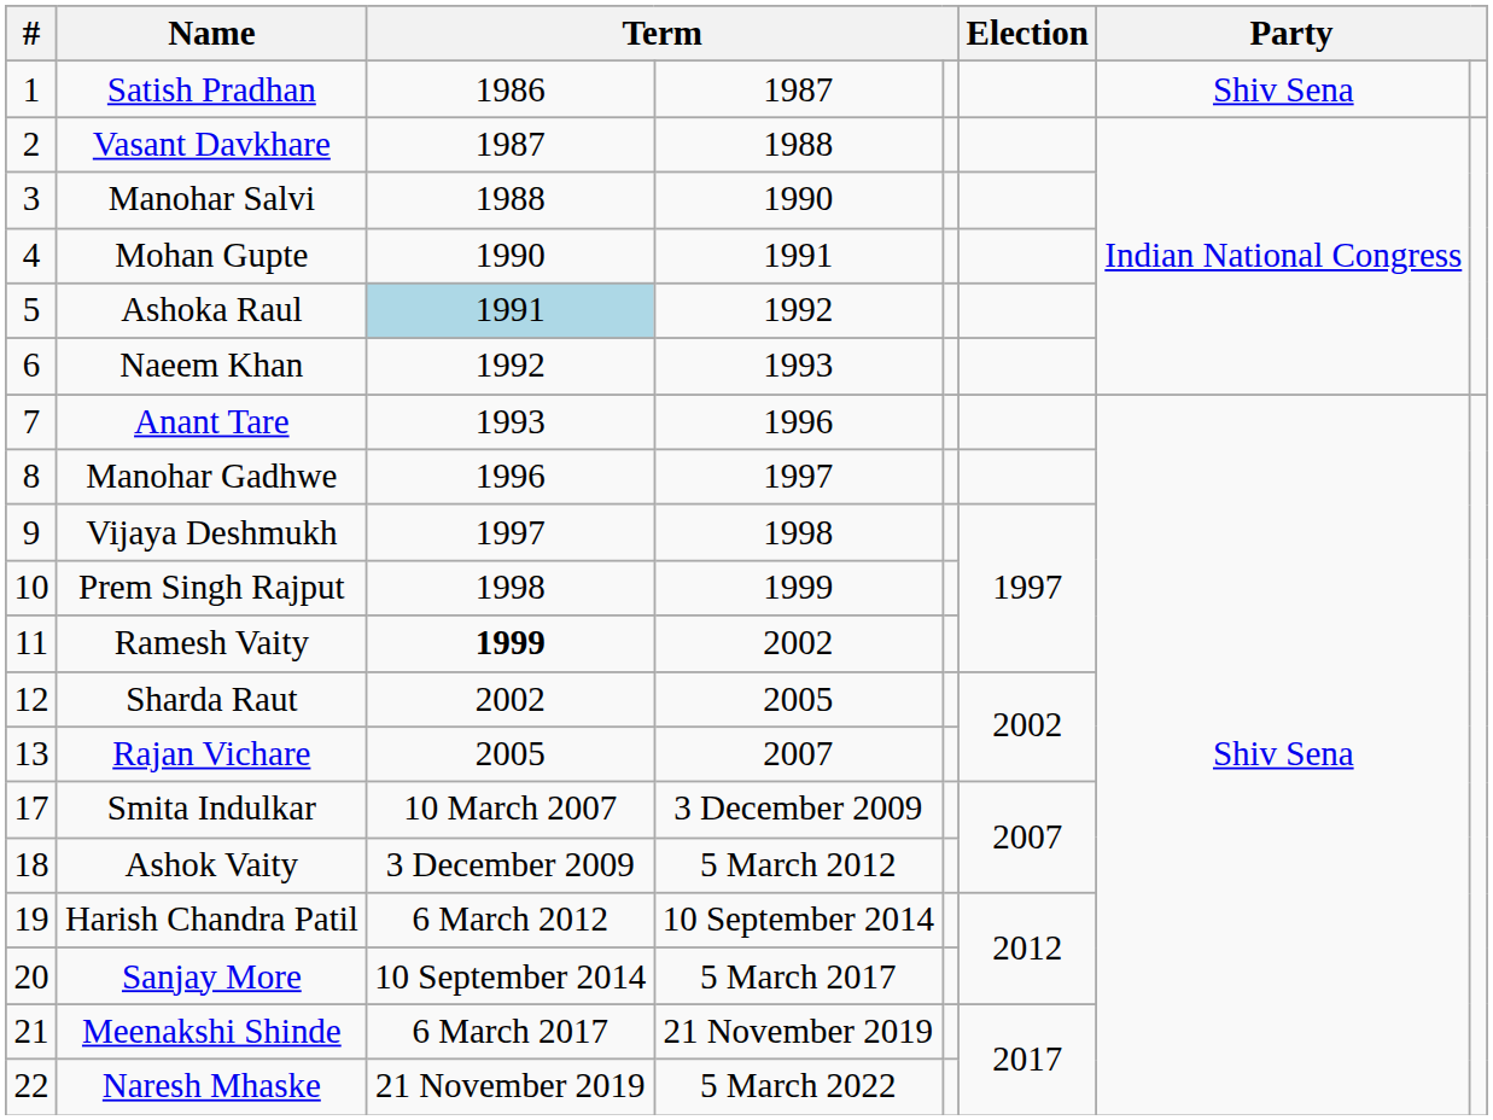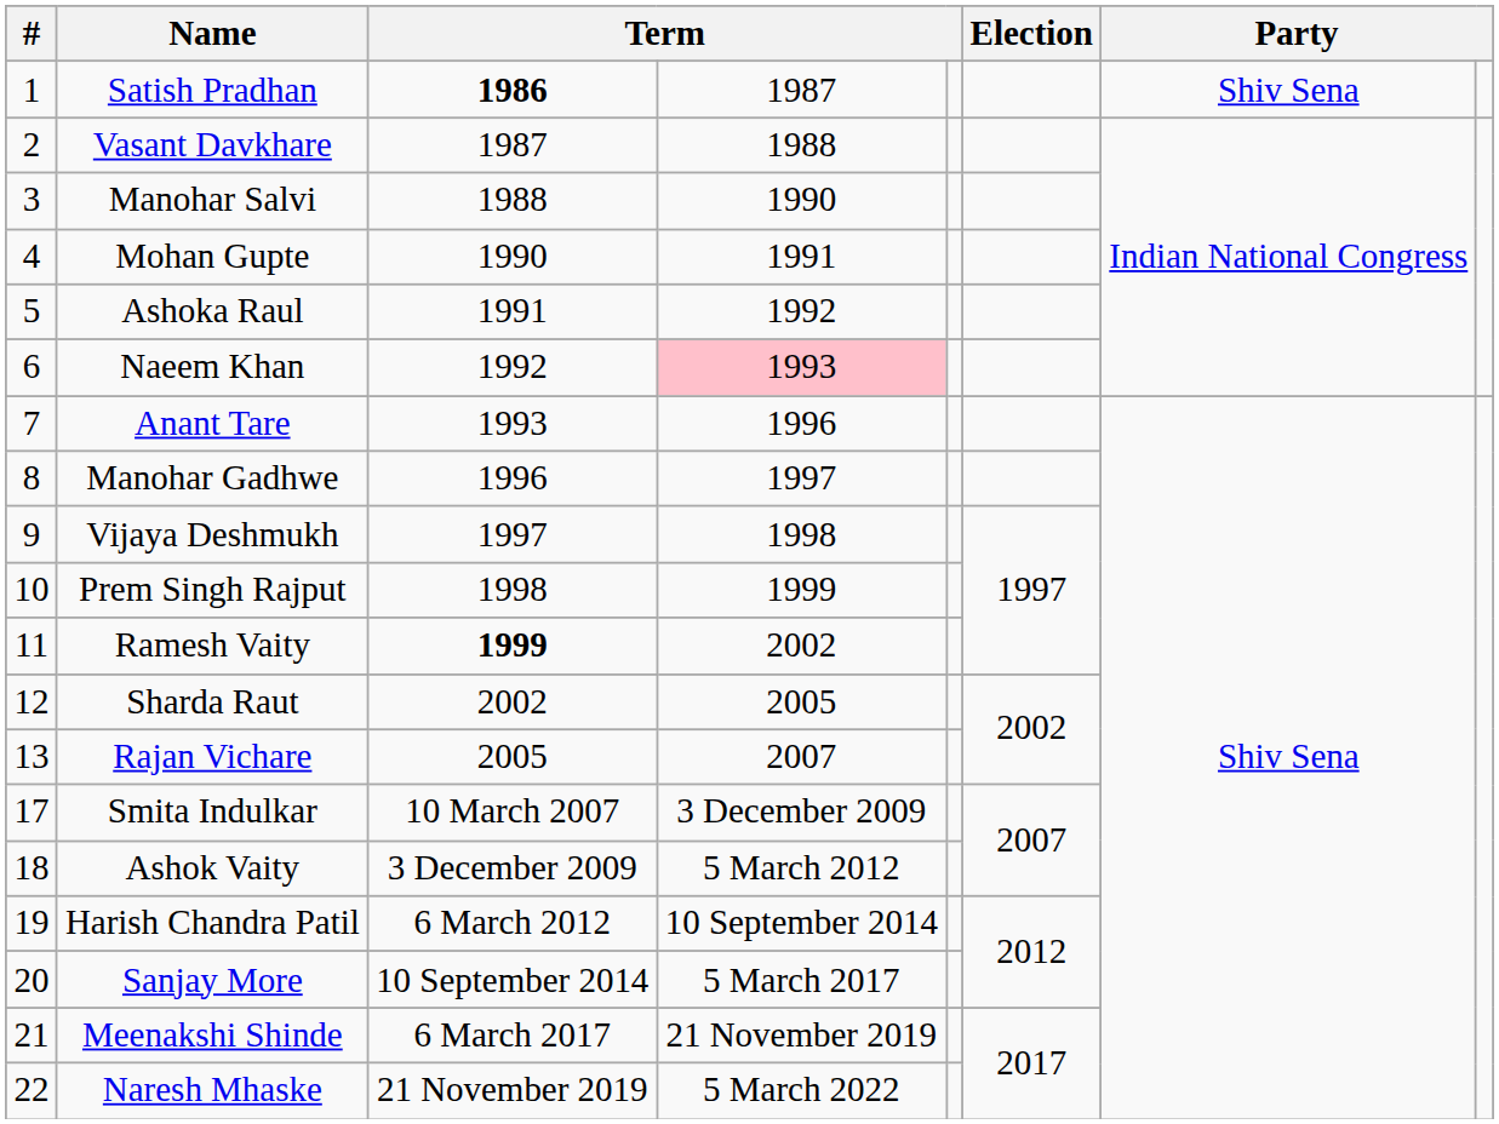 <table class="wikitable" style="text-align:center">
 <tr>
 <th>#</th>
 <th>Name</th>
 <th colspan="3">Term</th>
 <th>Election</th>
 <th colspan="2">Party</th>
 </tr>
 <tr>
 <td>1</td>
 <td><a href='#'>Satish Pradhan</a></td>
-<td>1986</td>
+<td><strong>1986</strong></td>
 <td>1987</td>
 <td></td>
 <td></td>
 <td><a href='#'>Shiv Sena</a></td>
 <td style="background-color: "></td>
 </tr>
 <tr>
 <td>2</td>
 <td><a href='#'>Vasant Davkhare</a></td>
 <td>1987</td>
 <td>1988</td>
 <td></td>
 <td></td>
 <td rowspan="5"><a href='#'>Indian National Congress</a></td>
 <td rowspan="5" style="background-color: "></td>
 </tr>
 <tr>
 <td>3</td>
 <td>Manohar Salvi</td>
 <td>1988</td>
 <td>1990</td>
 <td></td>
 <td></td>
 </tr>
 <tr>
 <td>4</td>
 <td>Mohan Gupte</td>
 <td>1990</td>
 <td>1991</td>
 <td></td>
 <td></td>
 </tr>
 <tr>
 <td>5</td>
 <td>Ashoka Raul</td>
-<td style="background: lightblue;">1991</td>
+<td>1991</td>
 <td>1992</td>
 <td></td>
 <td></td>
 </tr>
 <tr>
 <td>6</td>
 <td>Naeem Khan</td>
 <td>1992</td>
-<td>1993</td>
+<td style="background: pink;">1993</td>
 <td></td>
 <td></td>
 </tr>
 <tr>
 <td>7</td>
 <td><a href='#'>Anant Tare</a></td>
 <td>1993</td>
 <td>1996</td>
 <td></td>
 <td></td>
 <td rowspan="13"><a href='#'>Shiv Sena</a></td>
 <td rowspan="13" style="background-color: "></td>
 </tr>
 <tr>
 <td>8</td>
 <td>Manohar Gadhwe</td>
 <td>1996</td>
 <td>1997</td>
 <td></td>
 <td></td>
 </tr>
 <tr>
 <td>9</td>
 <td>Vijaya Deshmukh</td>
 <td>1997</td>
 <td>1998</td>
 <td></td>
 <td rowspan="3">1997</td>
 </tr>
 <tr>
 <td>10</td>
 <td>Prem Singh Rajput</td>
 <td>1998</td>
 <td>1999</td>
 <td></td>
 </tr>
 <tr>
 <td>11</td>
 <td>Ramesh Vaity</td>
 <td><strong>1999</strong></td>
 <td>2002</td>
 <td></td>
 </tr>
 <tr>
 <td>12</td>
 <td>Sharda Raut</td>
 <td>2002</td>
 <td>2005</td>
 <td></td>
 <td rowspan="2">2002</td>
 </tr>
 <tr>
 <td>13</td>
 <td><a href='#'>Rajan Vichare</a></td>
 <td>2005</td>
 <td>2007</td>
 <td></td>
 </tr>
 <tr>
 <td>17</td>
 <td>Smita Indulkar</td>
 <td>10 March 2007</td>
 <td>3 December 2009</td>
 <td></td>
 <td rowspan="2">2007</td>
 </tr>
 <tr>
 <td>18</td>
 <td>Ashok Vaity</td>
 <td>3 December 2009</td>
 <td>5 March 2012</td>
 <td></td>
 </tr>
 <tr>
 <td>19</td>
 <td>Harish Chandra Patil</td>
 <td>6 March 2012</td>
 <td>10 September 2014</td>
 <td></td>
 <td rowspan=2>2012</td>
 </tr>
 <tr>
 <td>20</td>
 <td><a href='#'>Sanjay More</a></td>
 <td>10 September 2014</td>
 <td>5 March 2017</td>
 <td></td>
 </tr>
 <tr>
 <td>21</td>
 <td><a href='#'>Meenakshi Shinde</a></td>
 <td>6 March 2017</td>
 <td>21 November 2019</td>
 <td></td>
 <td rowspan=2>2017</td>
 </tr>
 <tr>
 <td>22</td>
 <td><a href='#'>Naresh Mhaske</a></td>
 <td>21 November 2019</td>
 <td>5 March 2022</td>
 <td></td>
 </tr>
 </table>
